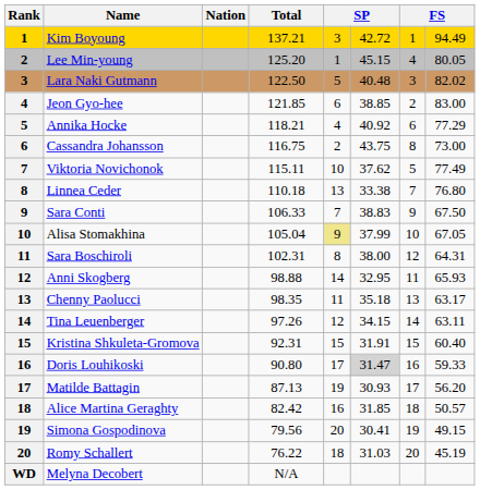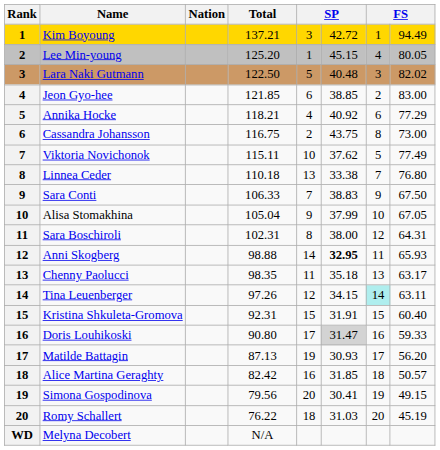 <table class="wikitable sortable">
 <tr>
 <th>Rank</th>
 <th>Name</th>
 <th>Nation</th>
 <th width="80px">Total</th>
 <th colspan="2" width="80px"><a href='#'>SP</a></th>
 <th colspan="2" width="80px"><a href='#'>FS</a></th>
 </tr>
 <tr bgcolor="gold">
 <td align="center"><strong>1</strong></td>
 <td><a href='#'>Kim Boyoung</a></td>
 <td></td>
 <td align="center">137.21</td>
 <td align="center">3</td>
 <td align="center">42.72</td>
 <td align="center">1</td>
 <td align="center">94.49</td>
 </tr>
 <tr bgcolor="silver">
 <td align="center"><strong>2</strong></td>
 <td><a href='#'>Lee Min-young</a></td>
 <td></td>
 <td align="center">125.20</td>
 <td align="center">1</td>
 <td align="center">45.15</td>
 <td align="center">4</td>
 <td align="center">80.05</td>
 </tr>
 <tr bgcolor="cc9966">
 <td align="center"><strong>3</strong></td>
 <td><a href='#'>Lara Naki Gutmann</a></td>
 <td></td>
 <td align="center">122.50</td>
 <td align="center">5</td>
 <td align="center">40.48</td>
 <td align="center">3</td>
 <td align="center">82.02</td>
 </tr>
 <tr>
 <th>4</th>
 <td><a href='#'>Jeon Gyo-hee</a></td>
 <td></td>
 <td align="center">121.85</td>
 <td align="center">6</td>
 <td align="center">38.85</td>
 <td align="center">2</td>
 <td align="center">83.00</td>
 </tr>
 <tr>
 <th>5</th>
 <td><a href='#'>Annika Hocke</a></td>
 <td></td>
 <td align="center">118.21</td>
 <td align="center">4</td>
 <td align="center">40.92</td>
 <td align="center">6</td>
 <td align="center">77.29</td>
 </tr>
 <tr>
 <th>6</th>
 <td><a href='#'>Cassandra Johansson</a></td>
 <td></td>
 <td align="center">116.75</td>
 <td align="center">2</td>
 <td align="center">43.75</td>
 <td align="center">8</td>
 <td align="center">73.00</td>
 </tr>
 <tr>
 <th>7</th>
 <td><a href='#'>Viktoria Novichonok</a></td>
 <td></td>
 <td align="center">115.11</td>
 <td align="center">10</td>
 <td align="center">37.62</td>
 <td align="center">5</td>
 <td align="center">77.49</td>
 </tr>
 <tr>
 <th>8</th>
 <td><a href='#'>Linnea Ceder</a></td>
 <td></td>
 <td align="center">110.18</td>
 <td align="center">13</td>
 <td align="center">33.38</td>
 <td align="center">7</td>
 <td align="center">76.80</td>
 </tr>
 <tr>
 <th>9</th>
 <td><a href='#'>Sara Conti</a></td>
 <td></td>
 <td align="center">106.33</td>
 <td align="center">7</td>
 <td align="center">38.83</td>
 <td align="center">9</td>
 <td align="center">67.50</td>
 </tr>
 <tr>
 <th>10</th>
 <td>Alisa Stomakhina</td>
 <td></td>
 <td align="center">105.04</td>
-<td align="center" style="background: khaki;">9</td>
+<td align="center">9</td>
 <td align="center">37.99</td>
 <td align="center">10</td>
 <td align="center">67.05</td>
 </tr>
 <tr>
 <th>11</th>
 <td><a href='#'>Sara Boschiroli</a></td>
 <td></td>
 <td align="center">102.31</td>
 <td align="center">8</td>
 <td align="center">38.00</td>
 <td align="center">12</td>
 <td align="center">64.31</td>
 </tr>
 <tr>
 <th>12</th>
 <td><a href='#'>Anni Skogberg</a></td>
 <td></td>
 <td align="center">98.88</td>
 <td align="center">14</td>
-<td align="center">32.95</td>
+<td align="center"><strong>32.95</strong></td>
 <td align="center">11</td>
 <td align="center">65.93</td>
 </tr>
 <tr>
 <th>13</th>
 <td><a href='#'>Chenny Paolucci</a></td>
 <td></td>
 <td align="center">98.35</td>
 <td align="center">11</td>
 <td align="center">35.18</td>
 <td align="center">13</td>
 <td align="center">63.17</td>
 </tr>
 <tr>
 <th>14</th>
 <td><a href='#'>Tina Leuenberger</a></td>
 <td></td>
 <td align="center">97.26</td>
 <td align="center">12</td>
 <td align="center">34.15</td>
-<td align="center">14</td>
+<td align="center" style="background: paleturquoise;">14</td>
 <td align="center">63.11</td>
 </tr>
 <tr>
 <th>15</th>
 <td><a href='#'>Kristina Shkuleta-Gromova</a></td>
 <td></td>
 <td align="center">92.31</td>
 <td align="center">15</td>
 <td align="center">31.91</td>
 <td align="center">15</td>
 <td align="center">60.40</td>
 </tr>
 <tr>
 <th>16</th>
 <td><a href='#'>Doris Louhikoski</a></td>
 <td></td>
 <td align="center">90.80</td>
 <td align="center">17</td>
 <td align="center" style="background: lightgrey;">31.47</td>
 <td align="center">16</td>
 <td align="center">59.33</td>
 </tr>
 <tr>
 <th>17</th>
 <td><a href='#'>Matilde Battagin</a></td>
 <td></td>
 <td align="center">87.13</td>
 <td align="center">19</td>
 <td align="center">30.93</td>
 <td align="center">17</td>
 <td align="center">56.20</td>
 </tr>
 <tr>
 <th>18</th>
 <td><a href='#'>Alice Martina Geraghty</a></td>
 <td></td>
 <td align="center">82.42</td>
 <td align="center">16</td>
 <td align="center">31.85</td>
 <td align="center">18</td>
 <td align="center">50.57</td>
 </tr>
 <tr>
 <th>19</th>
 <td><a href='#'>Simona Gospodinova</a></td>
 <td></td>
 <td align="center">79.56</td>
 <td align="center">20</td>
 <td align="center">30.41</td>
 <td align="center">19</td>
 <td align="center">49.15</td>
 </tr>
 <tr>
 <th>20</th>
 <td><a href='#'>Romy Schallert</a></td>
 <td></td>
 <td align="center">76.22</td>
 <td align="center">18</td>
 <td align="center">31.03</td>
 <td align="center">20</td>
 <td align="center">45.19</td>
 </tr>
 <tr>
 <th>WD</th>
 <td><a href='#'>Melyna Decobert</a></td>
 <td></td>
 <td align="center">N/A</td>
 <td align="center"></td>
 <td align="center"></td>
 <td align="center"></td>
 <td align="center"></td>
 </tr>
 </table>
